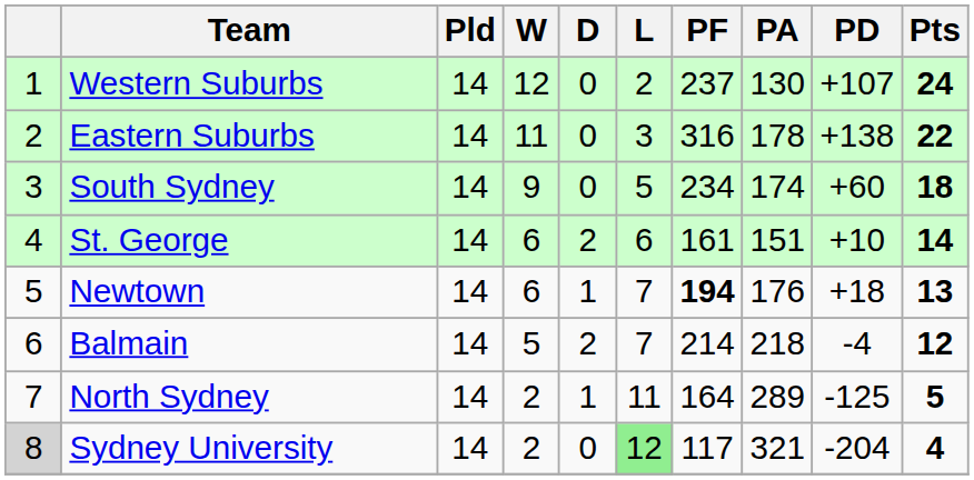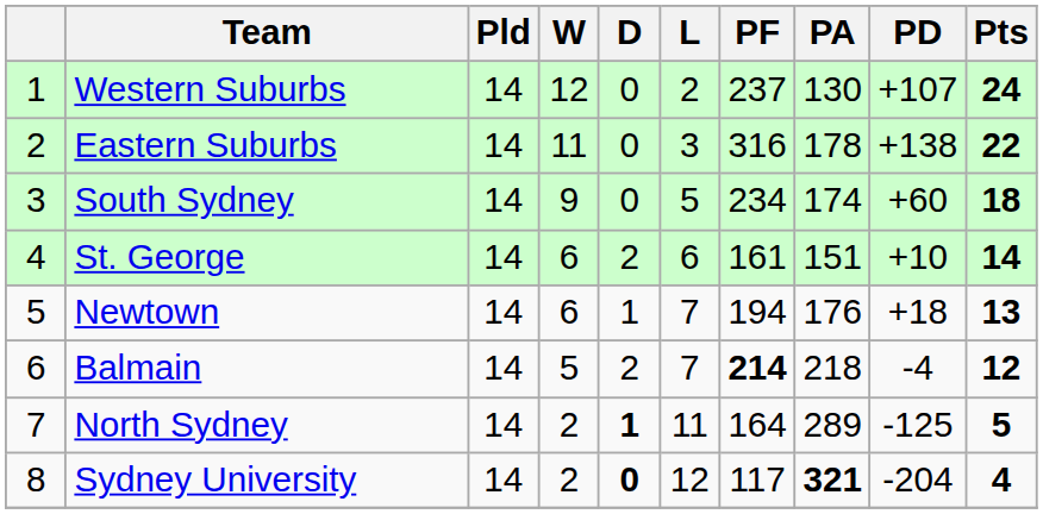 <table class="wikitable" style="text-align:center;">
 <tr>
 <th width=20 abbr="Position"></th>
 <th width=175>Team</th>
 <th width=20 abbr="Played">Pld</th>
 <th width=20 abbr="Won">W</th>
 <th width=20 abbr="Drawn">D</th>
 <th width=20 abbr="Lost">L</th>
 <th width=20 abbr="Points for">PF</th>
 <th width=20 abbr="Points against">PA</th>
 <th width=20 abbr="Points difference">PD</th>
 <th width=20 abbr="Points">Pts</th>
 </tr>
 <tr style="background: #ccffcc;">
 <td>1</td>
 <td style="text-align:left;"> <a href='#'>Western Suburbs</a></td>
 <td>14</td>
 <td>12</td>
 <td>0</td>
 <td>2</td>
 <td>237</td>
 <td>130</td>
 <td>+107</td>
 <td><strong>24</strong></td>
 </tr>
 <tr style="background: #ccffcc;">
 <td>2</td>
 <td style="text-align:left;"> <a href='#'>Eastern Suburbs</a></td>
 <td>14</td>
 <td>11</td>
 <td>0</td>
 <td>3</td>
 <td>316</td>
 <td>178</td>
 <td>+138</td>
 <td><strong>22</strong></td>
 </tr>
 <tr style="background: #ccffcc;">
 <td>3</td>
 <td style="text-align:left;"> <a href='#'>South Sydney</a></td>
 <td>14</td>
 <td>9</td>
 <td>0</td>
 <td>5</td>
 <td>234</td>
 <td>174</td>
 <td>+60</td>
 <td><strong>18</strong></td>
 </tr>
 <tr style="background: #ccffcc;">
 <td>4</td>
 <td style="text-align:left;"> <a href='#'>St. George</a></td>
 <td>14</td>
 <td>6</td>
 <td>2</td>
 <td>6</td>
 <td>161</td>
 <td>151</td>
 <td>+10</td>
 <td><strong>14</strong></td>
 </tr>
 <tr>
 <td>5</td>
 <td style="text-align:left;"> <a href='#'>Newtown</a></td>
 <td>14</td>
 <td>6</td>
 <td>1</td>
 <td>7</td>
-<td><strong>194</strong></td>
+<td>194</td>
 <td>176</td>
 <td>+18</td>
 <td><strong>13</strong></td>
 </tr>
 <tr>
 <td>6</td>
 <td style="text-align:left;"> <a href='#'>Balmain</a></td>
 <td>14</td>
 <td>5</td>
 <td>2</td>
 <td>7</td>
-<td>214</td>
+<td><strong>214</strong></td>
 <td>218</td>
 <td>-4</td>
 <td><strong>12</strong></td>
 </tr>
 <tr>
 <td>7</td>
 <td style="text-align:left;"> <a href='#'>North Sydney</a></td>
 <td>14</td>
 <td>2</td>
-<td>1</td>
+<td><strong>1</strong></td>
 <td>11</td>
 <td>164</td>
 <td>289</td>
 <td>-125</td>
 <td><strong>5</strong></td>
 </tr>
 <tr>
-<td style="background: lightgrey;">8</td>
+<td>8</td>
 <td style="text-align:left;"> <a href='#'>Sydney University</a></td>
 <td>14</td>
 <td>2</td>
-<td>0</td>
-<td style="background: lightgreen;">12</td>
+<td><strong>0</strong></td>
+<td>12</td>
 <td>117</td>
-<td>321</td>
+<td><strong>321</strong></td>
 <td>-204</td>
 <td><strong>4</strong></td>
 </tr>
 <tr>
 </tr>
 </table>
